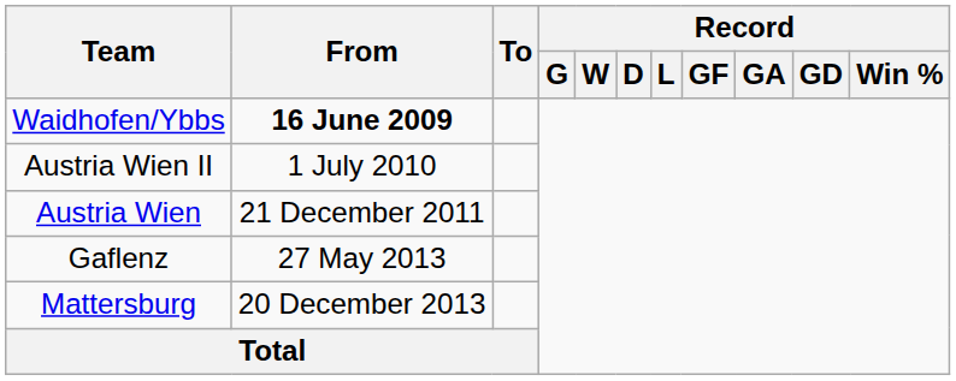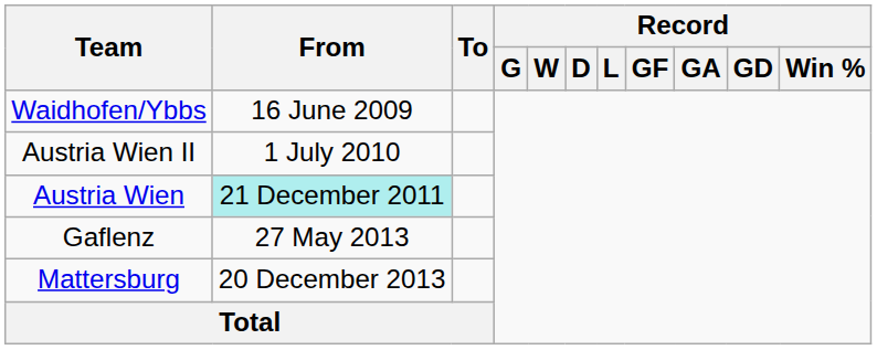 <table class="wikitable" style="text-align: center">
 <tr>
 <th rowspan="2">Team</th>
 <th rowspan="2">From</th>
 <th rowspan="2">To</th>
 <th colspan="8">Record</th>
 </tr>
 <tr>
 <th>G</th>
 <th>W</th>
 <th>D</th>
 <th>L</th>
 <th>GF</th>
 <th>GA</th>
 <th>GD</th>
 <th>Win %</th>
 </tr>
 <tr>
 <td><a href='#'>Waidhofen/Ybbs</a></td>
-<td><strong>16 June 2009</strong></td>
+<td>16 June 2009</td>
 <td 30 June 2010></td>
 </tr>
 <tr>
 <td>Austria Wien II</td>
 <td>1 July 2010</td>
 <td 21 December 2011></td>
 </tr>
 <tr>
 <td><a href='#'>Austria Wien</a></td>
-<td>21 December 2011</td>
+<td style="background: paleturquoise;">21 December 2011</td>
 <td 31 May 2012></td>
 </tr>
 <tr>
 <td>Gaflenz</td>
 <td>27 May 2013</td>
 <td 20 December 2013></td>
 </tr>
 <tr>
 <td><a href='#'>Mattersburg</a></td>
 <td>20 December 2013</td>
 <td 2 January 2017></td>
 </tr>
 <tr>
 <th colspan="3">Total<br></th>
 </tr>
 </table>
